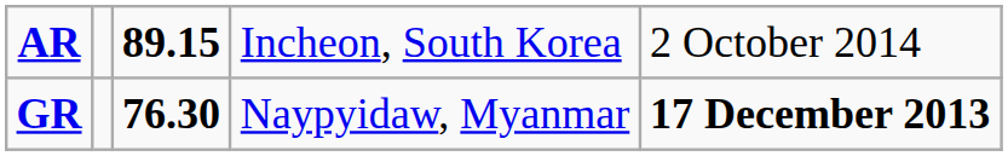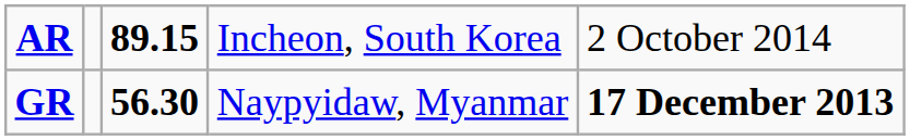 <table class="wikitable" style="font-size:95%; position:relative;">
 <tr>
 <td align=center><strong><a href='#'>AR</a></strong></td>
 <td></td>
 <td><strong>89.15</strong></td>
 <td><a href='#'>Incheon</a>, <a href='#'>South Korea</a></td>
 <td>2 October 2014</td>
 </tr>
 <tr>
 <td align=center><strong><a href='#'>GR</a></strong></td>
 <td></td>
-<td><strong>76.30</strong></td>
+<td><strong>56.30</strong></td>
 <td><a href='#'>Naypyidaw</a>, <a href='#'>Myanmar</a></td>
 <td><strong>17 December 2013</strong></td>
 </tr>
 </table>
